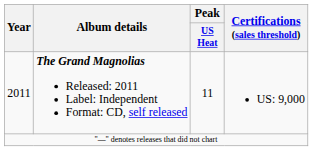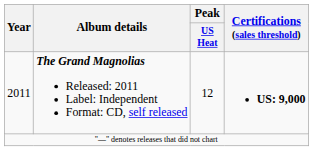 <table class="wikitable" style="text-align:center;">
 <tr>
 <th rowspan="2">Year</th>
 <th rowspan="2">Album details</th>
 <th>Peak</th>
 <th rowspan="2"><a href='#'>Certifications</a><br><small>(<a href='#'>sales threshold</a>)</small></th>
 </tr>
 <tr style="font-size:smaller;">
 <th style="width:40px;"><a href='#'>US<br>Heat</a></th>
 </tr>
 <tr>
 <td>2011</td>
 <td style="text-align:left;"><strong><em>The Grand Magnolias</em></strong><br><ul><li>Released: 2011</li><li>Label: Independent</li><li>Format: CD, <a href='#'>self released</a></li></ul></td>
-<td>11</td>
-<td style="text-align:left;"><br><ul><li>US: 9,000</li></ul></td>
+<td>12</td>
+<td style="text-align:left;"><strong><br><ul><li>US: 9,000</li></ul></strong></td>
 </tr>
 <tr>
 <td colspan="6" style="font-size:8pt">"—" denotes releases that did not chart</td>
 </tr>
 </table>
